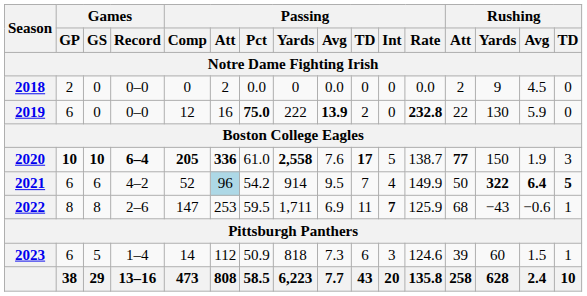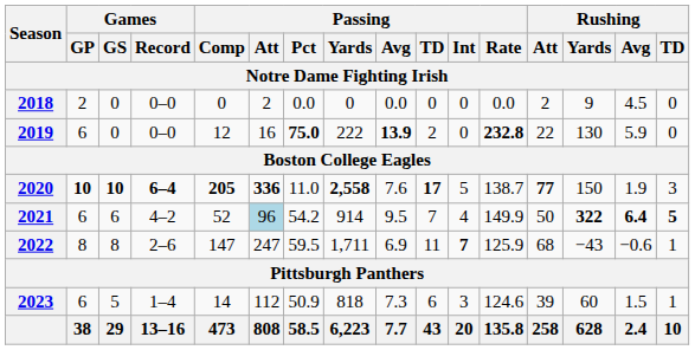 <table class="wikitable" style="text-align:center;">
 <tr>
 <th rowspan="2">Season</th>
 <th colspan="3">Games</th>
 <th colspan="8">Passing</th>
 <th colspan="4">Rushing</th>
 </tr>
 <tr>
 <th>GP</th>
 <th>GS</th>
 <th>Record</th>
 <th>Comp</th>
 <th>Att</th>
 <th>Pct</th>
 <th>Yards</th>
 <th>Avg</th>
 <th>TD</th>
 <th>Int</th>
 <th>Rate</th>
 <th>Att</th>
 <th>Yards</th>
 <th>Avg</th>
 <th>TD</th>
 </tr>
 <tr>
 <th colspan="16">Notre Dame Fighting Irish</th>
 </tr>
 <tr>
 <th><a href='#'>2018</a></th>
 <td>2</td>
 <td>0</td>
 <td>0–0</td>
 <td>0</td>
 <td>2</td>
 <td>0.0</td>
 <td>0</td>
 <td>0.0</td>
 <td>0</td>
 <td>0</td>
 <td>0.0</td>
 <td>2</td>
 <td>9</td>
 <td>4.5</td>
 <td>0</td>
 </tr>
 <tr>
 <th><a href='#'>2019</a></th>
 <td>6</td>
 <td>0</td>
 <td>0–0</td>
 <td>12</td>
 <td>16</td>
 <td><strong>75.0</strong></td>
 <td>222</td>
 <td><strong>13.9</strong></td>
 <td>2</td>
 <td>0</td>
 <td><strong>232.8</strong></td>
 <td>22</td>
 <td>130</td>
 <td>5.9</td>
 <td>0</td>
 </tr>
 <tr>
 <th colspan="16">Boston College Eagles</th>
 </tr>
 <tr>
 <th><a href='#'>2020</a></th>
 <td><strong>10</strong></td>
 <td><strong>10</strong></td>
 <td><strong>6–4</strong></td>
 <td><strong>205</strong></td>
 <td><strong>336</strong></td>
-<td>61.0</td>
+<td>11.0</td>
 <td><strong>2,558</strong></td>
 <td>7.6</td>
 <td><strong>17</strong></td>
 <td>5</td>
 <td>138.7</td>
 <td><strong>77</strong></td>
 <td>150</td>
 <td>1.9</td>
 <td>3</td>
 </tr>
 <tr>
 <th><a href='#'>2021</a></th>
 <td>6</td>
 <td>6</td>
 <td>4–2</td>
 <td>52</td>
 <td style="background: lightblue;">96</td>
 <td>54.2</td>
 <td>914</td>
 <td>9.5</td>
 <td>7</td>
 <td>4</td>
 <td>149.9</td>
 <td>50</td>
 <td><strong>322</strong></td>
 <td><strong>6.4</strong></td>
 <td><strong>5</strong></td>
 </tr>
 <tr>
 <th><a href='#'>2022</a></th>
 <td>8</td>
 <td>8</td>
 <td>2–6</td>
 <td>147</td>
-<td>253</td>
+<td>247</td>
 <td>59.5</td>
 <td>1,711</td>
 <td>6.9</td>
 <td>11</td>
 <td><strong>7</strong></td>
 <td>125.9</td>
 <td>68</td>
 <td>−43</td>
 <td>−0.6</td>
 <td>1</td>
 </tr>
 <tr>
 <th colspan="16">Pittsburgh Panthers</th>
 </tr>
 <tr>
 <th><a href='#'>2023</a></th>
 <td>6</td>
 <td>5</td>
 <td>1–4</td>
 <td>14</td>
 <td>112</td>
 <td>50.9</td>
 <td>818</td>
 <td>7.3</td>
 <td>6</td>
 <td>3</td>
 <td>124.6</td>
 <td>39</td>
 <td>60</td>
 <td>1.5</td>
 <td>1</td>
 </tr>
 <tr>
 <th></th>
 <th>38</th>
 <th>29</th>
 <th>13–16</th>
 <th>473</th>
 <th>808</th>
 <th>58.5</th>
 <th>6,223</th>
 <th>7.7</th>
 <th>43</th>
 <th>20</th>
 <th>135.8</th>
 <th>258</th>
 <th>628</th>
 <th>2.4</th>
 <th>10</th>
 </tr>
 </table>
